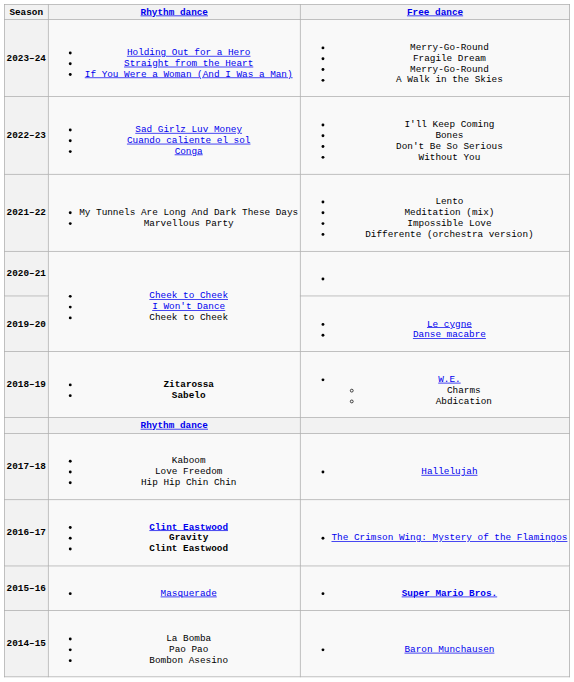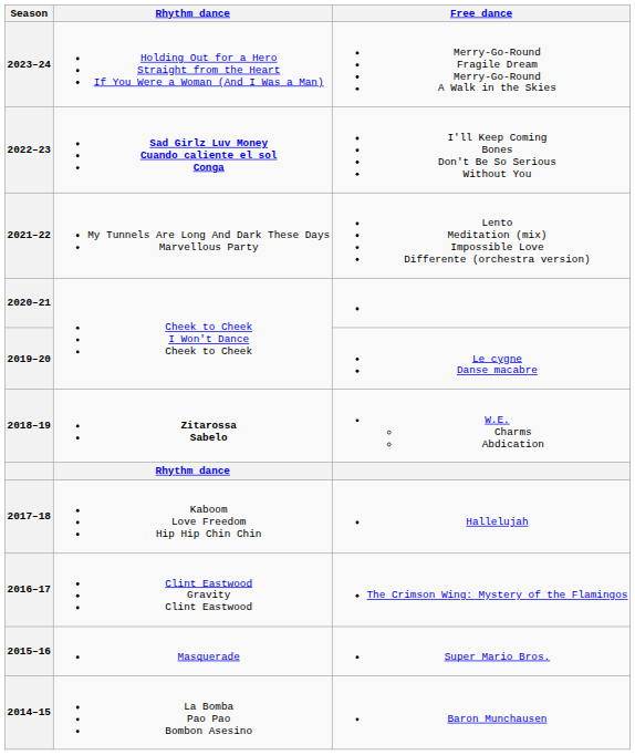 <table class=wikitable style=text-align:center>
 <tr>
 <th>Season</th>
 <th><a href='#'>Rhythm dance</a></th>
 <th><a href='#'>Free dance</a></th>
 </tr>
 <tr>
 <th>2023–24 <br> </th>
 <td><br><ul><li><a href='#'>Holding Out for a Hero</a><br></li><li><a href='#'>Straight from the Heart</a><br></li><li><a href='#'>If You Were a Woman (And I Was a Man)</a> <br></li></ul></td>
 <td><br><ul><li>Merry-Go-Round <br> </li><li>Fragile Dream <br> </li><li>Merry-Go-Round</li><li>A Walk in the Skies <br></li></ul></td>
 </tr>
 <tr>
 <th>2022–23 <br> </th>
-<td><br><ul><li> <a href='#'>Sad Girlz Luv Money</a><br></li><li> <a href='#'>Cuando caliente el sol</a><br></li><li> <a href='#'> Conga</a> <br></li></ul></td>
+<td><strong><br><ul><li> <a href='#'>Sad Girlz Luv Money</a><br></li><li> <a href='#'>Cuando caliente el sol</a><br></li><li> <a href='#'> Conga</a> <br></li></ul></strong></td>
 <td><br><ul><li>I'll Keep Coming</li><li>Bones</li><li>Don't Be So Serious</li><li>Without You <br></li></ul></td>
 </tr>
 <tr>
 <th>2021–22 <br> </th>
 <td><br><ul><li>My Tunnels Are Long And Dark These Days <br></li><li>Marvellous Party <br></li></ul></td>
 <td><br><ul><li>Lento <br></li><li>Meditation (mix)</li><li>Impossible Love <br></li><li>Differente (orchestra version) <br></li></ul></td>
 </tr>
 <tr>
 <th>2020–21</th>
 <td rowspan=2><br><ul><li> <a href='#'>Cheek to Cheek</a></li><li> <a href='#'>I Won't Dance</a></li><li> Cheek to Cheek <br></li></ul></td>
 <td><br><ul><li></li></ul></td>
 </tr>
 <tr>
 <th>2019–20 <br> </th>
 <td><br><ul><li><a href='#'>Le cygne</a> <br></li><li><a href='#'>Danse macabre</a> <br></li></ul></td>
 </tr>
 <tr>
 <th>2018–19 <br> </th>
 <td><strong><br><ul><li> Zitarossa <br></li><li> Sabelo <br></li></ul></strong></td>
 <td><br><ul><li><a href='#'>W.E.</a> <br><ul><li>Charms</li><li>Abdication</li></ul></li></ul></td>
 </tr>
 <tr>
 <th></th>
 <th><a href='#'>Rhythm dance</a></th>
 <th></th>
 </tr>
 <tr>
 <th>2017–18 <br> </th>
 <td><br><ul><li> Kaboom <br></li><li> Love Freedom <br></li><li> Hip Hip Chin Chin <br></li></ul></td>
 <td><br><ul><li><a href='#'>Hallelujah</a> <br></li></ul></td>
 </tr>
 <tr>
 <th>2016–17 <br> </th>
-<td><strong><br><ul><li> <a href='#'>Clint Eastwood</a> <br></li><li> Gravity <br></li><li> Clint Eastwood <br></li></ul></strong></td>
+<td><br><ul><li> <a href='#'>Clint Eastwood</a> <br></li><li> Gravity <br></li><li> Clint Eastwood <br></li></ul></td>
 <td><br><ul><li><a href='#'>The Crimson Wing: Mystery of the Flamingos</a> <br></li></ul></td>
 </tr>
 <tr>
 <th>2015–16 <br> </th>
 <td><br><ul><li> <a href='#'>Masquerade</a> <br></li></ul></td>
-<td><strong><br><ul><li><a href='#'>Super Mario Bros.</a> <br></li></ul></strong></td>
+<td><br><ul><li><a href='#'>Super Mario Bros.</a> <br></li></ul></td>
 </tr>
 <tr>
 <th>2014–15 <br> </th>
 <td><br><ul><li> La Bomba</li><li> Pao Pao</li><li> Bombon Asesino</li></ul></td>
 <td><br><ul><li><a href='#'>Baron Munchausen</a> <br></li></ul></td>
 </tr>
 </table>
